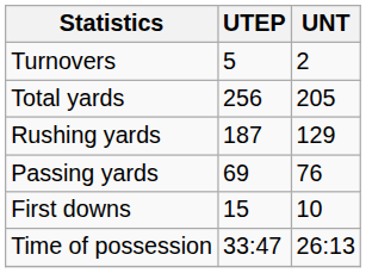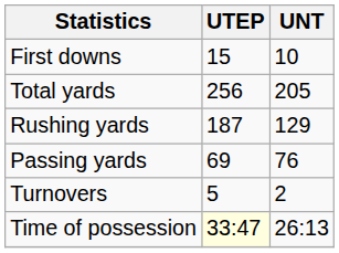 <table class="wikitable">
 <tr>
 <th>Statistics</th>
 <th>UTEP</th>
 <th>UNT</th>
 </tr>
 <tr>
-<td>Turnovers</td>
-<td>5</td>
-<td>2</td>
+<td>First downs</td>
+<td>15</td>
+<td>10</td>
 </tr>
 <tr>
 <td>Total yards</td>
 <td>256</td>
 <td>205</td>
 </tr>
 <tr>
 <td>Rushing yards</td>
 <td>187</td>
 <td>129</td>
 </tr>
 <tr>
 <td>Passing yards</td>
 <td>69</td>
 <td>76</td>
 </tr>
 <tr>
-<td>First downs</td>
-<td>15</td>
-<td>10</td>
+<td>Turnovers</td>
+<td>5</td>
+<td>2</td>
 </tr>
 <tr>
 <td>Time of possession</td>
-<td>33:47</td>
+<td style="background: lightyellow;">33:47</td>
 <td>26:13</td>
 </tr>
 <tr>
 </tr>
 </table>
